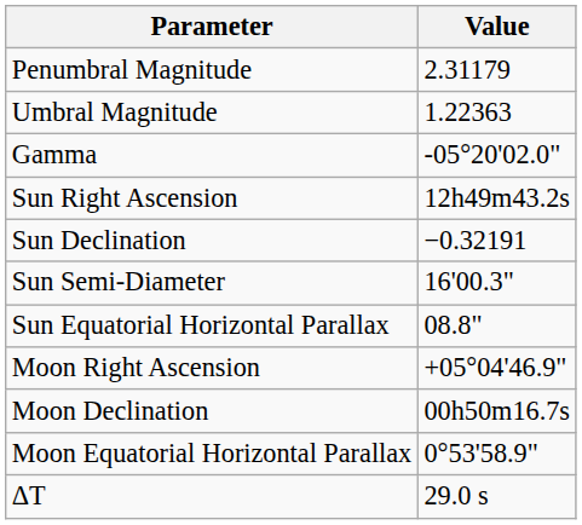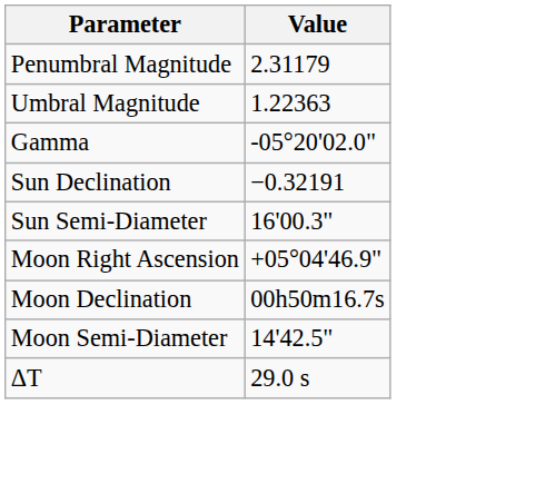 <table class="wikitable">
 <tr>
 <th>Parameter</th>
 <th>Value</th>
 </tr>
 <tr>
 <td>Penumbral Magnitude</td>
 <td>2.31179</td>
 </tr>
 <tr>
 <td>Umbral Magnitude</td>
 <td>1.22363</td>
 </tr>
 <tr>
 <td>Gamma</td>
 <td>-05°20'02.0"</td>
 </tr>
 <tr>
-<td>Sun Right Ascension</td>
-<td>12h49m43.2s</td>
-</tr>
-<tr>
 <td>Sun Declination</td>
 <td>−0.32191</td>
 </tr>
 <tr>
 <td>Sun Semi-Diameter</td>
 <td>16'00.3"</td>
-</tr>
-<tr>
-<td>Sun Equatorial Horizontal Parallax</td>
-<td>08.8"</td>
 </tr>
 <tr>
 <td>Moon Right Ascension</td>
 <td>+05°04'46.9"</td>
 </tr>
 <tr>
 <td>Moon Declination</td>
 <td>00h50m16.7s</td>
 </tr>
 <tr>
-<td>Moon Equatorial Horizontal Parallax</td>
-<td>0°53'58.9"</td>
+<td>Moon Semi-Diameter</td>
+<td>14'42.5"</td>
 </tr>
 <tr>
 <td>ΔT</td>
 <td>29.0 s</td>
 </tr>
 </table>
